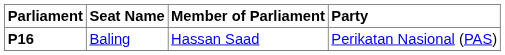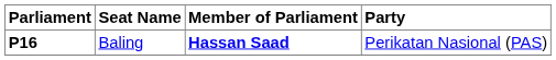 <table class="toccolours sortable" border="1" cellpadding="3" style="border-collapse:collapse; text-align: left;">
 <tr>
 <th align="center">Parliament</th>
 <th>Seat Name</th>
 <th>Member of Parliament</th>
 <th>Party</th>
 </tr>
 <tr>
 <th align="left">P16</th>
 <td><a href='#'>Baling</a></td>
-<td><a href='#'>Hassan Saad</a></td>
+<td><strong><a href='#'>Hassan Saad</a></strong></td>
 <td><a href='#'>Perikatan Nasional</a> (<a href='#'>PAS</a>)</td>
 </tr>
 <tr>
 </tr>
 </table>
